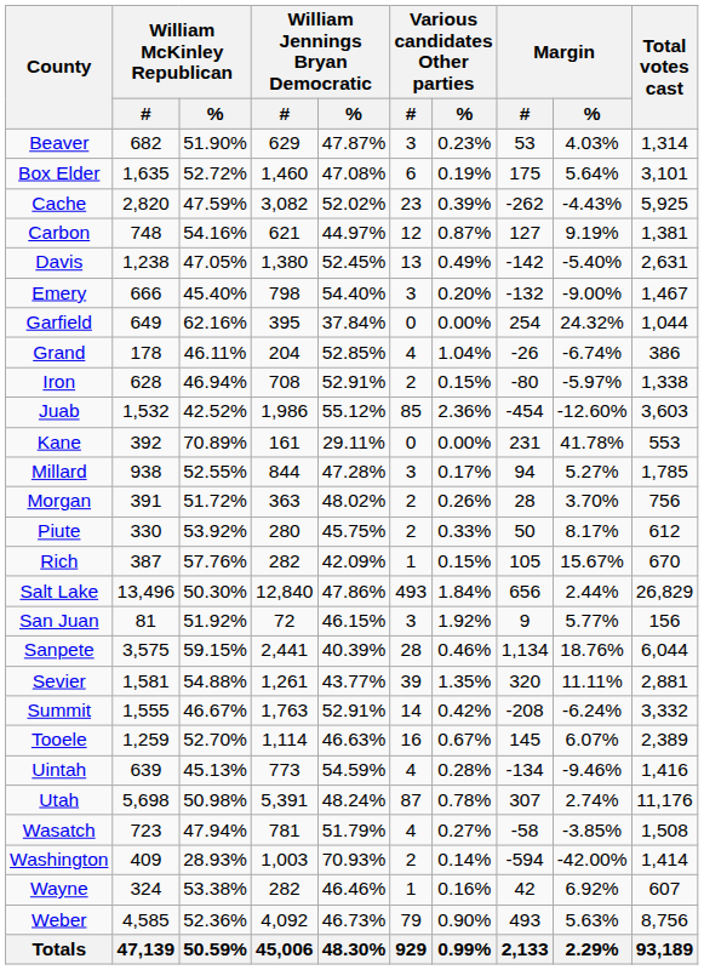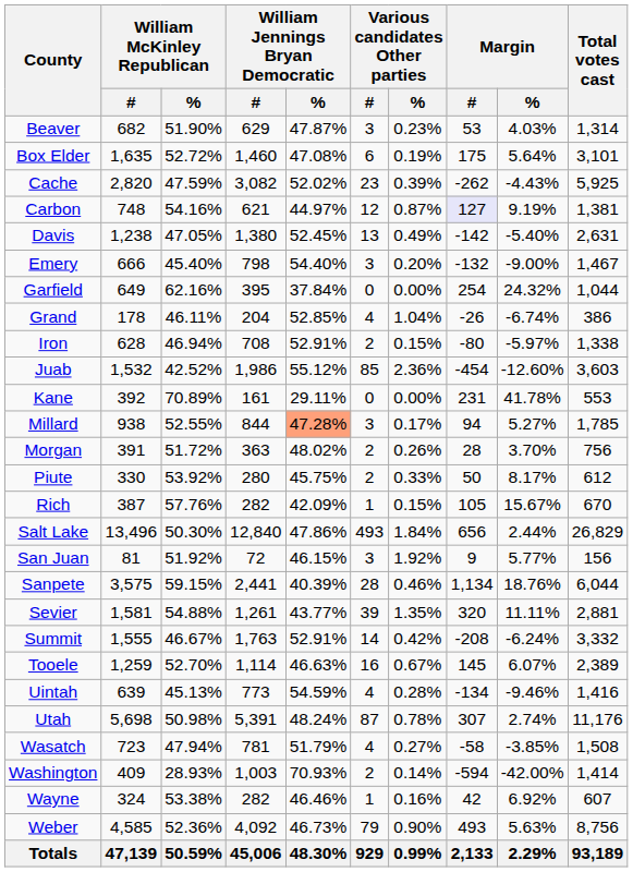 <table width="65%" class="wikitable sortable">
 <tr>
 <th rowspan="2">County</th>
 <th colspan="2">William McKinley<br>Republican</th>
 <th colspan="2">William Jennings Bryan<br>Democratic</th>
 <th colspan="2">Various candidates<br>Other parties</th>
 <th colspan="2">Margin</th>
 <th rowspan="2">Total votes cast</th>
 </tr>
 <tr bgcolor="lightgrey">
 <th style="text-align:center;" data-sort-type="number">#</th>
 <th style="text-align:center;" data-sort-type="number">%</th>
 <th style="text-align:center;" data-sort-type="number">#</th>
 <th style="text-align:center;" data-sort-type="number">%</th>
 <th style="text-align:center;" data-sort-type="number">#</th>
 <th style="text-align:center;" data-sort-type="number">%</th>
 <th style="text-align:center;" data-sort-type="number">#</th>
 <th style="text-align:center;" data-sort-type="number">%</th>
 </tr>
 <tr style="text-align:center;">
 <td><a href='#'>Beaver</a></td>
 <td>682</td>
 <td>51.90%</td>
 <td>629</td>
 <td>47.87%</td>
 <td>3</td>
 <td>0.23%</td>
 <td>53</td>
 <td>4.03%</td>
 <td>1,314</td>
 </tr>
 <tr style="text-align:center;">
 <td><a href='#'>Box Elder</a></td>
 <td>1,635</td>
 <td>52.72%</td>
 <td>1,460</td>
 <td>47.08%</td>
 <td>6</td>
 <td>0.19%</td>
 <td>175</td>
 <td>5.64%</td>
 <td>3,101</td>
 </tr>
 <tr style="text-align:center;">
 <td><a href='#'>Cache</a></td>
 <td>2,820</td>
 <td>47.59%</td>
 <td>3,082</td>
 <td>52.02%</td>
 <td>23</td>
 <td>0.39%</td>
 <td>-262</td>
 <td>-4.43%</td>
 <td>5,925</td>
 </tr>
 <tr style="text-align:center;">
 <td><a href='#'>Carbon</a></td>
 <td>748</td>
 <td>54.16%</td>
 <td>621</td>
 <td>44.97%</td>
 <td>12</td>
 <td>0.87%</td>
-<td>127</td>
+<td style="background: lavender;">127</td>
 <td>9.19%</td>
 <td>1,381</td>
 </tr>
 <tr style="text-align:center;">
 <td><a href='#'>Davis</a></td>
 <td>1,238</td>
 <td>47.05%</td>
 <td>1,380</td>
 <td>52.45%</td>
 <td>13</td>
 <td>0.49%</td>
 <td>-142</td>
 <td>-5.40%</td>
 <td>2,631</td>
 </tr>
 <tr style="text-align:center;">
 <td><a href='#'>Emery</a></td>
 <td>666</td>
 <td>45.40%</td>
 <td>798</td>
 <td>54.40%</td>
 <td>3</td>
 <td>0.20%</td>
 <td>-132</td>
 <td>-9.00%</td>
 <td>1,467</td>
 </tr>
 <tr style="text-align:center;">
 <td><a href='#'>Garfield</a></td>
 <td>649</td>
 <td>62.16%</td>
 <td>395</td>
 <td>37.84%</td>
 <td>0</td>
 <td>0.00%</td>
 <td>254</td>
 <td>24.32%</td>
 <td>1,044</td>
 </tr>
 <tr style="text-align:center;">
 <td><a href='#'>Grand</a></td>
 <td>178</td>
 <td>46.11%</td>
 <td>204</td>
 <td>52.85%</td>
 <td>4</td>
 <td>1.04%</td>
 <td>-26</td>
 <td>-6.74%</td>
 <td>386</td>
 </tr>
 <tr style="text-align:center;">
 <td><a href='#'>Iron</a></td>
 <td>628</td>
 <td>46.94%</td>
 <td>708</td>
 <td>52.91%</td>
 <td>2</td>
 <td>0.15%</td>
 <td>-80</td>
 <td>-5.97%</td>
 <td>1,338</td>
 </tr>
 <tr style="text-align:center;">
 <td><a href='#'>Juab</a></td>
 <td>1,532</td>
 <td>42.52%</td>
 <td>1,986</td>
 <td>55.12%</td>
 <td>85</td>
 <td>2.36%</td>
 <td>-454</td>
 <td>-12.60%</td>
 <td>3,603</td>
 </tr>
 <tr style="text-align:center;">
 <td><a href='#'>Kane</a></td>
 <td>392</td>
 <td>70.89%</td>
 <td>161</td>
 <td>29.11%</td>
 <td>0</td>
 <td>0.00%</td>
 <td>231</td>
 <td>41.78%</td>
 <td>553</td>
 </tr>
 <tr style="text-align:center;">
 <td><a href='#'>Millard</a></td>
 <td>938</td>
 <td>52.55%</td>
 <td>844</td>
-<td>47.28%</td>
+<td style="background: lightsalmon;">47.28%</td>
 <td>3</td>
 <td>0.17%</td>
 <td>94</td>
 <td>5.27%</td>
 <td>1,785</td>
 </tr>
 <tr style="text-align:center;">
 <td><a href='#'>Morgan</a></td>
 <td>391</td>
 <td>51.72%</td>
 <td>363</td>
 <td>48.02%</td>
 <td>2</td>
 <td>0.26%</td>
 <td>28</td>
 <td>3.70%</td>
 <td>756</td>
 </tr>
 <tr style="text-align:center;">
 <td><a href='#'>Piute</a></td>
 <td>330</td>
 <td>53.92%</td>
 <td>280</td>
 <td>45.75%</td>
 <td>2</td>
 <td>0.33%</td>
 <td>50</td>
 <td>8.17%</td>
 <td>612</td>
 </tr>
 <tr style="text-align:center;">
 <td><a href='#'>Rich</a></td>
 <td>387</td>
 <td>57.76%</td>
 <td>282</td>
 <td>42.09%</td>
 <td>1</td>
 <td>0.15%</td>
 <td>105</td>
 <td>15.67%</td>
 <td>670</td>
 </tr>
 <tr style="text-align:center;">
 <td><a href='#'>Salt Lake</a></td>
 <td>13,496</td>
 <td>50.30%</td>
 <td>12,840</td>
 <td>47.86%</td>
 <td>493</td>
 <td>1.84%</td>
 <td>656</td>
 <td>2.44%</td>
 <td>26,829</td>
 </tr>
 <tr style="text-align:center;">
 <td><a href='#'>San Juan</a></td>
 <td>81</td>
 <td>51.92%</td>
 <td>72</td>
 <td>46.15%</td>
 <td>3</td>
 <td>1.92%</td>
 <td>9</td>
 <td>5.77%</td>
 <td>156</td>
 </tr>
 <tr style="text-align:center;">
 <td><a href='#'>Sanpete</a></td>
 <td>3,575</td>
 <td>59.15%</td>
 <td>2,441</td>
 <td>40.39%</td>
 <td>28</td>
 <td>0.46%</td>
 <td>1,134</td>
 <td>18.76%</td>
 <td>6,044</td>
 </tr>
 <tr style="text-align:center;">
 <td><a href='#'>Sevier</a></td>
 <td>1,581</td>
 <td>54.88%</td>
 <td>1,261</td>
 <td>43.77%</td>
 <td>39</td>
 <td>1.35%</td>
 <td>320</td>
 <td>11.11%</td>
 <td>2,881</td>
 </tr>
 <tr style="text-align:center;">
 <td><a href='#'>Summit</a></td>
 <td>1,555</td>
 <td>46.67%</td>
 <td>1,763</td>
 <td>52.91%</td>
 <td>14</td>
 <td>0.42%</td>
 <td>-208</td>
 <td>-6.24%</td>
 <td>3,332</td>
 </tr>
 <tr style="text-align:center;">
 <td><a href='#'>Tooele</a></td>
 <td>1,259</td>
 <td>52.70%</td>
 <td>1,114</td>
 <td>46.63%</td>
 <td>16</td>
 <td>0.67%</td>
 <td>145</td>
 <td>6.07%</td>
 <td>2,389</td>
 </tr>
 <tr style="text-align:center;">
 <td><a href='#'>Uintah</a></td>
 <td>639</td>
 <td>45.13%</td>
 <td>773</td>
 <td>54.59%</td>
 <td>4</td>
 <td>0.28%</td>
 <td>-134</td>
 <td>-9.46%</td>
 <td>1,416</td>
 </tr>
 <tr style="text-align:center;">
 <td><a href='#'>Utah</a></td>
 <td>5,698</td>
 <td>50.98%</td>
 <td>5,391</td>
 <td>48.24%</td>
 <td>87</td>
 <td>0.78%</td>
 <td>307</td>
 <td>2.74%</td>
 <td>11,176</td>
 </tr>
 <tr style="text-align:center;">
 <td><a href='#'>Wasatch</a></td>
 <td>723</td>
 <td>47.94%</td>
 <td>781</td>
 <td>51.79%</td>
 <td>4</td>
 <td>0.27%</td>
 <td>-58</td>
 <td>-3.85%</td>
 <td>1,508</td>
 </tr>
 <tr style="text-align:center;">
 <td><a href='#'>Washington</a></td>
 <td>409</td>
 <td>28.93%</td>
 <td>1,003</td>
 <td>70.93%</td>
 <td>2</td>
 <td>0.14%</td>
 <td>-594</td>
 <td>-42.00%</td>
 <td>1,414</td>
 </tr>
 <tr style="text-align:center;">
 <td><a href='#'>Wayne</a></td>
 <td>324</td>
 <td>53.38%</td>
 <td>282</td>
 <td>46.46%</td>
 <td>1</td>
 <td>0.16%</td>
 <td>42</td>
 <td>6.92%</td>
 <td>607</td>
 </tr>
 <tr style="text-align:center;">
 <td><a href='#'>Weber</a></td>
 <td>4,585</td>
 <td>52.36%</td>
 <td>4,092</td>
 <td>46.73%</td>
 <td>79</td>
 <td>0.90%</td>
 <td>493</td>
 <td>5.63%</td>
 <td>8,756</td>
 </tr>
 <tr style="text-align:center;">
 <th>Totals</th>
 <th>47,139</th>
 <th>50.59%</th>
 <th>45,006</th>
 <th>48.30%</th>
 <th>929</th>
 <th>0.99%</th>
 <th>2,133</th>
 <th>2.29%</th>
 <th>93,189</th>
 </tr>
 </table>
